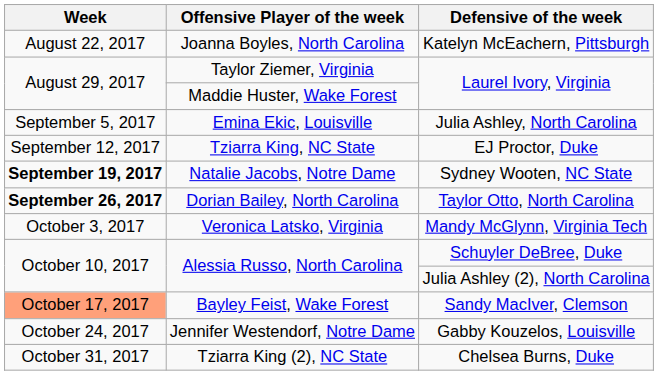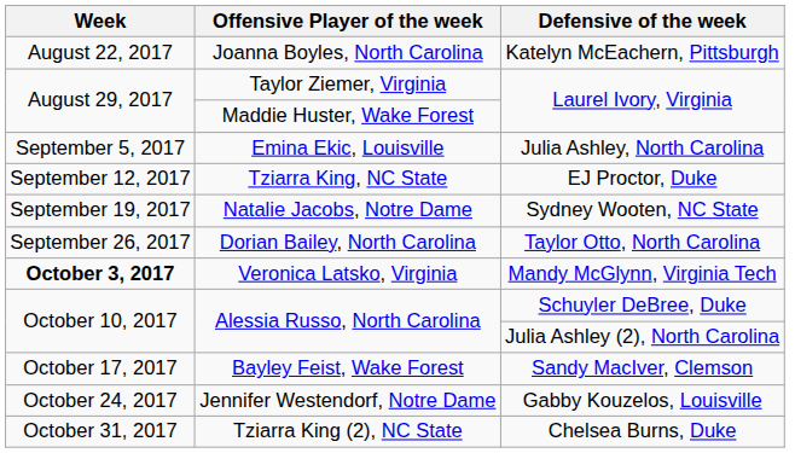 <table class="wikitable" border="1" style="text-align: center;">
 <tr>
 <th>Week</th>
 <th>Offensive Player of the week</th>
 <th>Defensive of the week</th>
 </tr>
 <tr>
 <td>August 22, 2017</td>
 <td>Joanna Boyles, <a href='#'>North Carolina</a></td>
 <td>Katelyn McEachern, <a href='#'>Pittsburgh</a></td>
 </tr>
 <tr>
 <td rowspan="2">August 29, 2017</td>
 <td>Taylor Ziemer, <a href='#'>Virginia</a></td>
 <td rowspan="2"><a href='#'>Laurel Ivory</a>, <a href='#'>Virginia</a></td>
 </tr>
 <tr>
 <td>Maddie Huster, <a href='#'>Wake Forest</a></td>
 </tr>
 <tr>
 <td>September 5, 2017</td>
 <td><a href='#'>Emina Ekic</a>, <a href='#'>Louisville</a></td>
 <td>Julia Ashley, <a href='#'>North Carolina</a></td>
 </tr>
 <tr>
 <td>September 12, 2017</td>
 <td><a href='#'>Tziarra King</a>, <a href='#'>NC State</a></td>
 <td>EJ Proctor, <a href='#'>Duke</a></td>
 </tr>
 <tr>
-<td><strong>September 19, 2017</strong></td>
+<td>September 19, 2017</td>
 <td><a href='#'>Natalie Jacobs</a>, <a href='#'>Notre Dame</a></td>
 <td>Sydney Wooten, <a href='#'>NC State</a></td>
 </tr>
 <tr>
-<td><strong>September 26, 2017</strong></td>
+<td>September 26, 2017</td>
 <td><a href='#'>Dorian Bailey</a>, <a href='#'>North Carolina</a></td>
 <td><a href='#'>Taylor Otto</a>, <a href='#'>North Carolina</a></td>
 </tr>
 <tr>
-<td>October 3, 2017</td>
+<td><strong>October 3, 2017</strong></td>
 <td><a href='#'>Veronica Latsko</a>, <a href='#'>Virginia</a></td>
 <td><a href='#'>Mandy McGlynn</a>, <a href='#'>Virginia Tech</a></td>
 </tr>
 <tr>
 <td rowspan="2">October 10, 2017</td>
 <td rowspan="2"><a href='#'>Alessia Russo</a>, <a href='#'>North Carolina</a></td>
 <td><a href='#'>Schuyler DeBree</a>, <a href='#'>Duke</a></td>
 </tr>
 <tr>
 <td>Julia Ashley (2), <a href='#'>North Carolina</a></td>
 </tr>
 <tr>
-<td style="background: lightsalmon;">October 17, 2017</td>
+<td>October 17, 2017</td>
 <td><a href='#'>Bayley Feist</a>, <a href='#'>Wake Forest</a></td>
 <td><a href='#'>Sandy MacIver</a>, <a href='#'>Clemson</a></td>
 </tr>
 <tr>
 <td>October 24, 2017</td>
 <td>Jennifer Westendorf, <a href='#'>Notre Dame</a></td>
 <td>Gabby Kouzelos, <a href='#'>Louisville</a></td>
 </tr>
 <tr>
 <td>October 31, 2017</td>
 <td>Tziarra King (2), <a href='#'>NC State</a></td>
 <td>Chelsea Burns, <a href='#'>Duke</a></td>
 </tr>
 </table>
